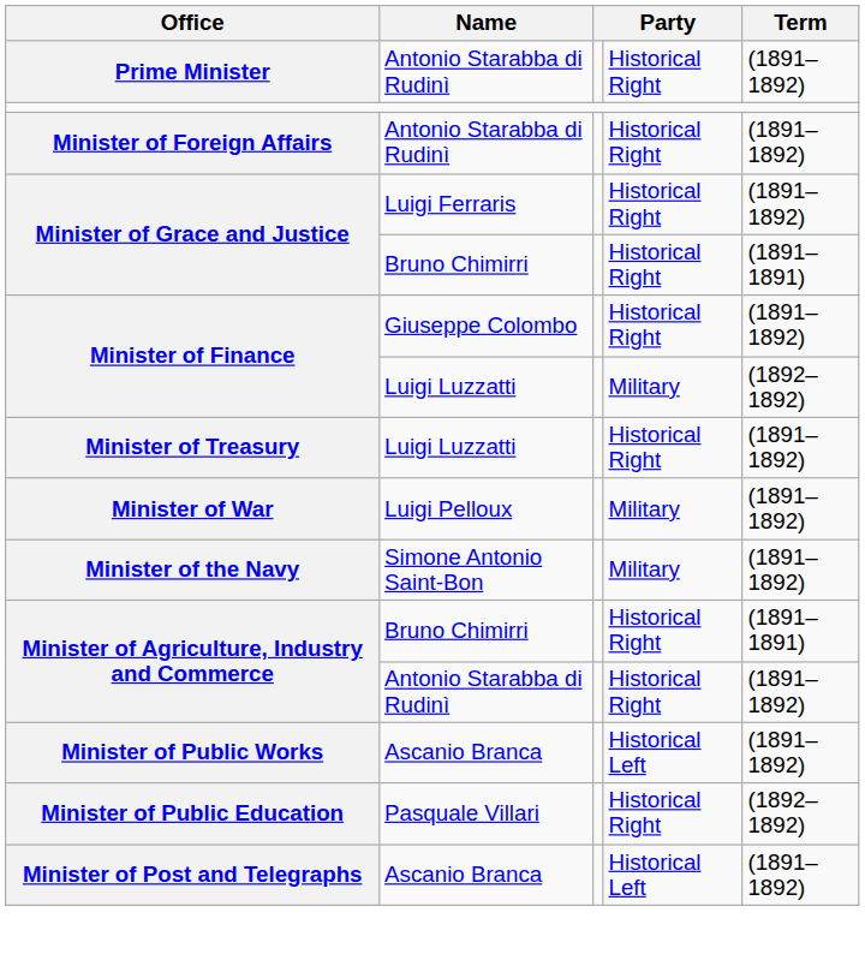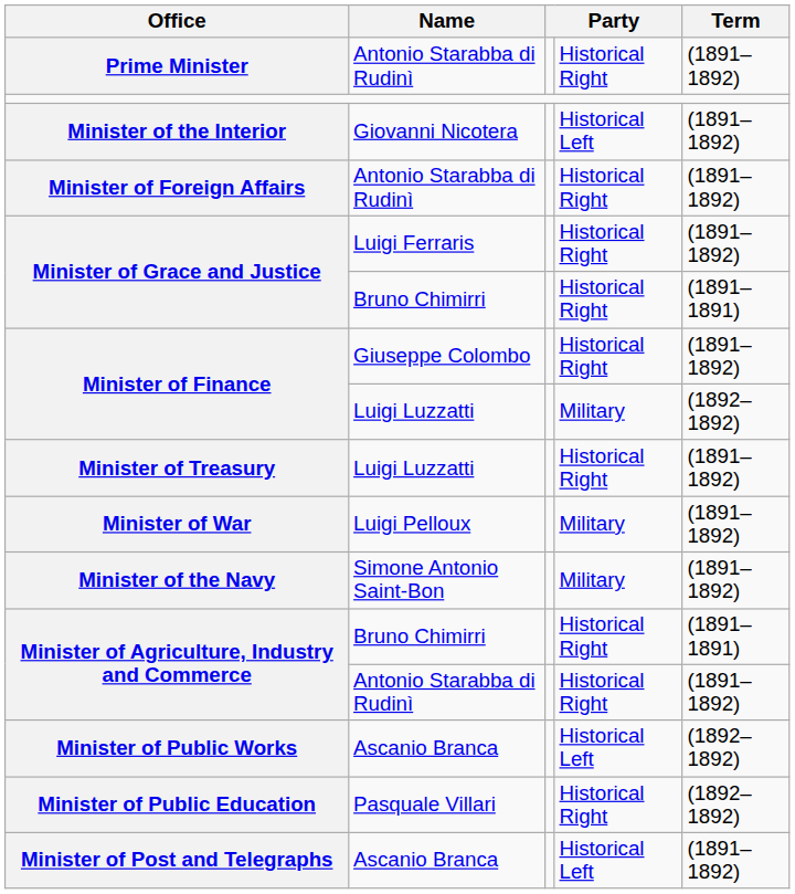 <table class="wikitable" style="font-size: 100%;">
 <tr>
 <th>Office</th>
 <th>Name</th>
 <th colspan=2>Party</th>
 <th>Term</th>
 </tr>
 <tr>
 <th><a href='#'>Prime Minister</a></th>
 <td><a href='#'>Antonio Starabba di Rudinì</a></td>
 <td style="color:inherit;background:"></td>
 <td><a href='#'>Historical Right</a></td>
 <td>(1891–1892)</td>
 </tr>
 <tr>
 <td colspan=5></td>
+</tr>
+<tr>
+<th><a href='#'>Minister of the Interior</a></th>
+<td><a href='#'>Giovanni Nicotera</a></td>
+<td style="color:inherit;background:"></td>
+<td><a href='#'>Historical Left</a></td>
+<td>(1891–1892)</td>
 </tr>
 <tr>
 <th><a href='#'>Minister of Foreign Affairs</a></th>
 <td><a href='#'>Antonio Starabba di Rudinì</a></td>
 <td style="color:inherit;background:"></td>
 <td><a href='#'>Historical Right</a></td>
 <td>(1891–1892)</td>
 </tr>
 <tr>
 <th rowspan=2><a href='#'>Minister of Grace and Justice</a></th>
 <td><a href='#'>Luigi Ferraris</a></td>
 <td style="color:inherit;background:"></td>
 <td><a href='#'>Historical Right</a></td>
 <td>(1891–1892)</td>
 </tr>
 <tr>
 <td><a href='#'>Bruno Chimirri</a></td>
 <td style="color:inherit;background:"></td>
 <td><a href='#'>Historical Right</a></td>
 <td>(1891–1891)</td>
 </tr>
 <tr>
 <th rowspan=2><a href='#'>Minister of Finance</a></th>
 <td><a href='#'>Giuseppe Colombo</a></td>
 <td style="color:inherit;background:"></td>
 <td><a href='#'>Historical Right</a></td>
 <td>(1891–1892)</td>
 </tr>
 <tr>
 <td><a href='#'>Luigi Luzzatti</a></td>
 <td style="color:inherit;background:"></td>
 <td><a href='#'>Military</a></td>
 <td>(1892–1892)</td>
 </tr>
 <tr>
 <th><a href='#'>Minister of Treasury</a></th>
 <td><a href='#'>Luigi Luzzatti</a></td>
 <td style="color:inherit;background:"></td>
 <td><a href='#'>Historical Right</a></td>
 <td>(1891–1892)</td>
 </tr>
 <tr>
 <th><a href='#'>Minister of War</a></th>
 <td><a href='#'>Luigi Pelloux</a></td>
 <td style="color:inherit;background:"></td>
 <td><a href='#'>Military</a></td>
 <td>(1891–1892)</td>
 </tr>
 <tr>
 <th><a href='#'>Minister of the Navy</a></th>
 <td><a href='#'>Simone Antonio Saint-Bon</a></td>
 <td style="color:inherit;background:"></td>
 <td><a href='#'>Military</a></td>
 <td>(1891–1892)</td>
 </tr>
 <tr>
 <th rowspan=2><a href='#'>Minister of Agriculture, Industry and Commerce</a></th>
 <td><a href='#'>Bruno Chimirri</a></td>
 <td style="color:inherit;background:"></td>
 <td><a href='#'>Historical Right</a></td>
 <td>(1891–1891)</td>
 </tr>
 <tr>
 <td><a href='#'>Antonio Starabba di Rudinì</a></td>
 <td style="color:inherit;background:"></td>
 <td><a href='#'>Historical Right</a></td>
 <td>(1891–1892)</td>
 </tr>
 <tr>
 <th><a href='#'>Minister of Public Works</a></th>
 <td><a href='#'>Ascanio Branca</a></td>
 <td style="color:inherit;background:"></td>
 <td><a href='#'>Historical Left</a></td>
-<td>(1891–1892)</td>
+<td>(1892–1892)</td>
 </tr>
 <tr>
 <th><a href='#'>Minister of Public Education</a></th>
 <td><a href='#'>Pasquale Villari</a></td>
 <td style="color:inherit;background:"></td>
 <td><a href='#'>Historical Right</a></td>
 <td>(1892–1892)</td>
 </tr>
 <tr>
 <th><a href='#'>Minister of Post and Telegraphs</a></th>
 <td><a href='#'>Ascanio Branca</a></td>
 <td style="color:inherit;background:"></td>
 <td><a href='#'>Historical Left</a></td>
 <td>(1891–1892)</td>
 </tr>
 </table>
